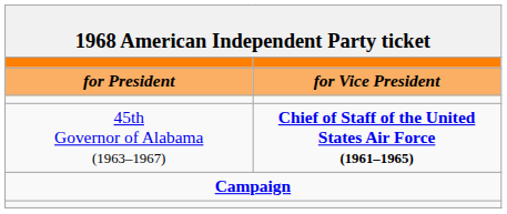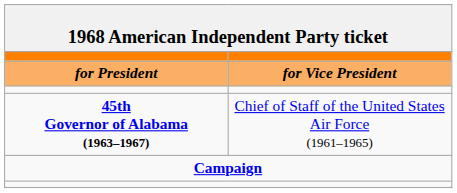 <table class="wikitable" style="font-size:90%; text-align:center;">
 <tr>
 <td style="background:#f1f1f1;" colspan="30"><br><big> <strong>1968 American Independent Party ticket</strong></big></td>
 </tr>
 <tr>
 <th style="width:3em; font-size:135%; background:#ff7f00; width:200px;"><a href='#'></a></th>
 <th style="width:3em; font-size:135%; background:#ff7f00; width:200px;"><a href='#'></a></th>
 </tr>
 <tr style="color:#000; font-size:100%; background:#faaf64;">
 <td style="width:3em; width:200px;"><strong><em>for President</em></strong></td>
 <td style="width:3em; width:200px;"><strong><em>for Vice President</em></strong></td>
 </tr>
 <tr>
 <td></td>
 <td></td>
 </tr>
 <tr>
-<td><a href='#'>45th</a><br><a href='#'>Governor of Alabama</a><br><small>(1963–1967)</small></td>
-<td><strong><a href='#'>Chief of Staff of the United States Air Force</a><br><small>(1961–1965)</small></strong></td>
+<td><strong><a href='#'>45th</a><br><a href='#'>Governor of Alabama</a><br><small>(1963–1967)</small></strong></td>
+<td><a href='#'>Chief of Staff of the United States Air Force</a><br><small>(1961–1965)</small></td>
 </tr>
 <tr>
 <td colspan=2><a href='#'><strong>Campaign</strong></a></td>
 </tr>
 <tr>
 <td colspan=2></td>
 </tr>
 <tr>
 </tr>
 </table>
